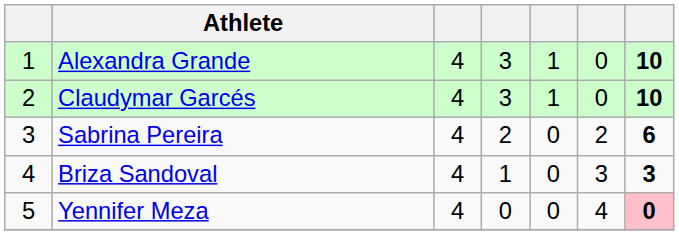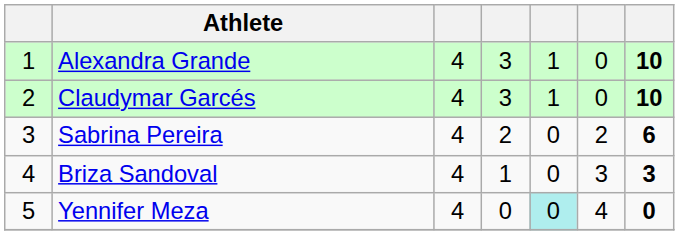 <table class="wikitable" style="text-align: center; font-size:100% ">
 <tr>
 <th width=25></th>
 <th width=250>Athlete</th>
 <th width=25></th>
 <th width=25></th>
 <th width=25></th>
 <th width=25></th>
 <th width=25></th>
 </tr>
 <tr bgcolor="ccffcc">
 <td>1</td>
 <td align=left> <a href='#'>Alexandra Grande</a></td>
 <td>4</td>
 <td>3</td>
 <td>1</td>
 <td>0</td>
 <td><strong>10</strong></td>
 </tr>
 <tr bgcolor="ccffcc">
 <td>2</td>
 <td align=left> <a href='#'>Claudymar Garcés</a></td>
 <td>4</td>
 <td>3</td>
 <td>1</td>
 <td>0</td>
 <td><strong>10</strong></td>
 </tr>
 <tr>
 <td>3</td>
 <td align=left> <a href='#'>Sabrina Pereira</a></td>
 <td>4</td>
 <td>2</td>
 <td>0</td>
 <td>2</td>
 <td><strong>6</strong></td>
 </tr>
 <tr>
 <td>4</td>
 <td align=left> <a href='#'>Briza Sandoval</a></td>
 <td>4</td>
 <td>1</td>
 <td>0</td>
 <td>3</td>
 <td><strong>3</strong></td>
 </tr>
 <tr>
 <td>5</td>
 <td align=left> <a href='#'>Yennifer Meza</a></td>
 <td>4</td>
 <td>0</td>
-<td>0</td>
+<td style="background: paleturquoise;">0</td>
 <td>4</td>
-<td style="background: pink;"><strong>0</strong></td>
+<td><strong>0</strong></td>
 </tr>
 <tr>
 </tr>
 </table>
